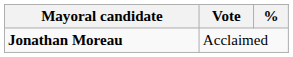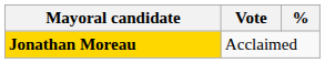 <table class="wikitable">
 <tr>
 <th bgcolor="#DDDDFF" width="200px">Mayoral candidate</th>
 <th bgcolor="#DDDDFF" width="50px">Vote</th>
 <th bgcolor="#DDDDFF" width="30px">%</th>
 </tr>
 <tr>
-<td><strong>Jonathan Moreau</strong></td>
+<td style="background: gold;"><strong>Jonathan Moreau</strong></td>
 <td colspan="2">Acclaimed</td>
 </tr>
 </table>
